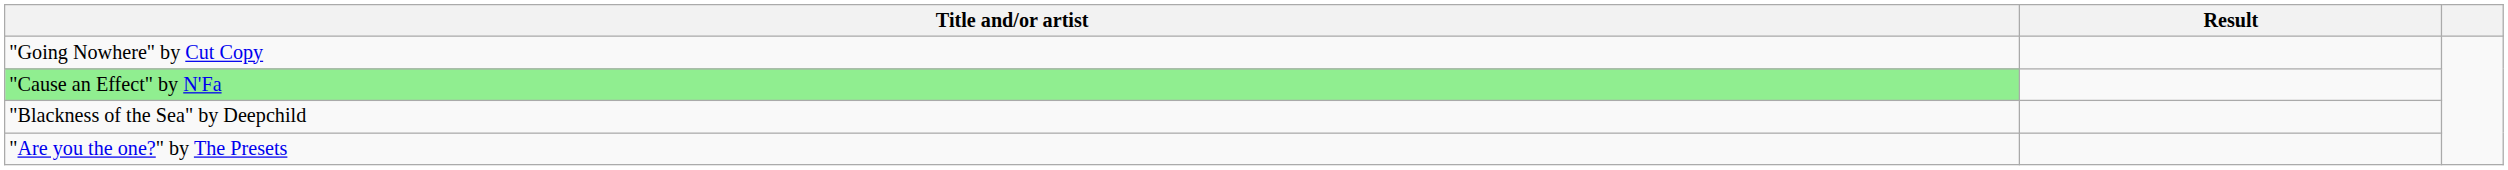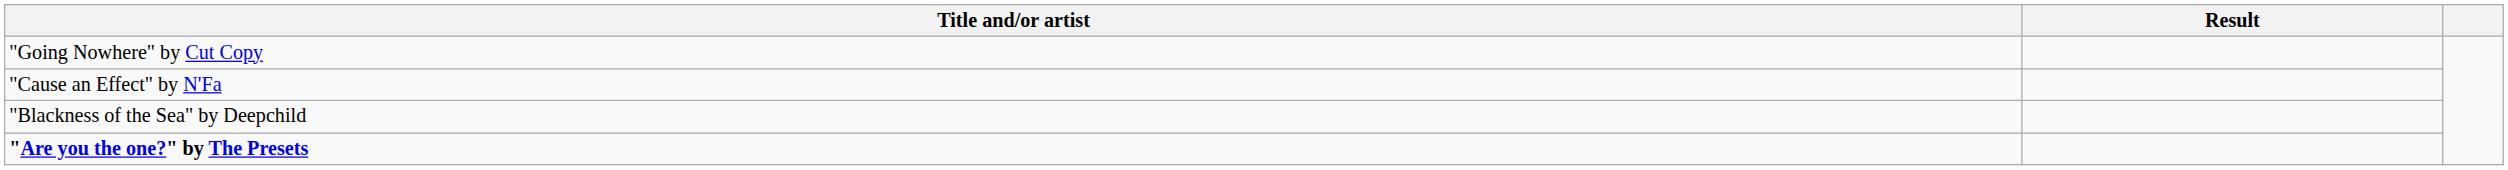 <table class="wikitable" width="100%">
 <tr>
 <th scope="col">Title and/or artist</th>
 <th scope="col">Result</th>
 <th scope="col"></th>
 </tr>
 <tr>
 <td>"Going Nowhere" by <a href='#'>Cut Copy</a></td>
 <td></td>
 <td rowspan="4"></td>
 </tr>
 <tr>
-<td style="background: lightgreen;">"Cause an Effect" by <a href='#'>N'Fa</a></td>
+<td>"Cause an Effect" by <a href='#'>N'Fa</a></td>
 <td></td>
 </tr>
 <tr>
 <td>"Blackness of the Sea" by Deepchild</td>
 <td></td>
 </tr>
 <tr>
-<td>"<a href='#'>Are you the one?</a>" by <a href='#'>The Presets</a></td>
+<td><strong>"<a href='#'>Are you the one?</a>" by <a href='#'>The Presets</a></strong></td>
 <td></td>
 </tr>
 </table>
